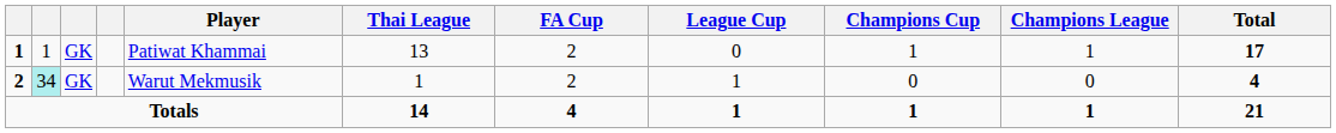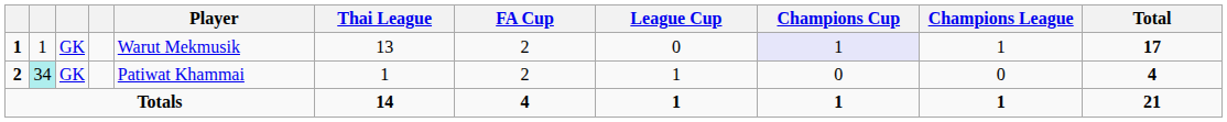 <table class="wikitable" style="text-align:center">
 <tr>
 <th width=15></th>
 <th width=15></th>
 <th width=15></th>
 <th width=15></th>
 <th width=175>Player</th>
 <th width=120><a href='#'>Thai League</a></th>
 <th width=120><a href='#'>FA Cup</a></th>
 <th width=140><a href='#'>League Cup</a></th>
 <th width=140><a href='#'>Champions Cup</a></th>
 <th width=140><a href='#'>Champions League</a></th>
 <th width=120>Total</th>
 </tr>
 <tr>
 <td><strong>1</strong></td>
 <td>1</td>
 <td><a href='#'>GK</a></td>
 <td></td>
-<td align=left><a href='#'>Patiwat Khammai</a></td>
+<td align=left><a href='#'>Warut Mekmusik</a></td>
 <td>13</td>
 <td>2</td>
 <td>0</td>
-<td>1</td>
+<td style="background: lavender;">1</td>
 <td>1</td>
 <td><strong>17</strong></td>
 </tr>
 <tr>
 <td><strong>2</strong></td>
 <td style="background: paleturquoise;">34</td>
 <td><a href='#'>GK</a></td>
 <td></td>
-<td align=left><a href='#'>Warut Mekmusik</a></td>
+<td align=left><a href='#'>Patiwat Khammai</a></td>
 <td>1</td>
 <td>2</td>
 <td>1</td>
 <td>0</td>
 <td>0</td>
 <td><strong>4</strong></td>
 </tr>
 <tr>
 </tr>
 <tr>
 <td colspan=5><strong>Totals</strong></td>
 <td><strong>14</strong></td>
 <td><strong>4</strong></td>
 <td><strong>1</strong></td>
 <td><strong>1</strong></td>
 <td><strong>1</strong></td>
 <td><strong>21</strong></td>
 </tr>
 </table>
